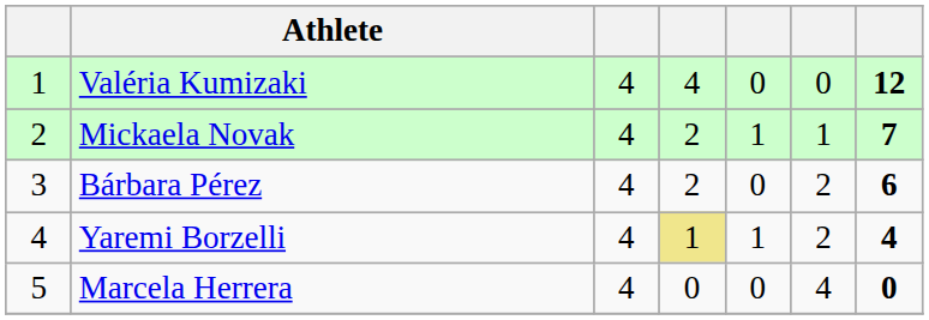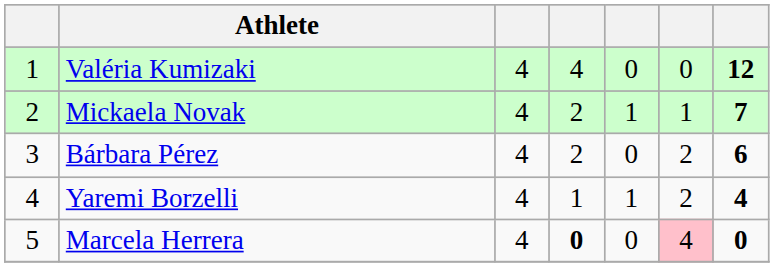 <table class="wikitable" style="text-align: center; font-size:100% ">
 <tr>
 <th width=25></th>
 <th width=250>Athlete</th>
 <th width=25></th>
 <th width=25></th>
 <th width=25></th>
 <th width=25></th>
 <th width=25></th>
 </tr>
 <tr bgcolor="ccffcc">
 <td>1</td>
 <td align=left> <a href='#'>Valéria Kumizaki</a></td>
 <td>4</td>
 <td>4</td>
 <td>0</td>
 <td>0</td>
 <td><strong>12</strong></td>
 </tr>
 <tr bgcolor="ccffcc">
 <td>2</td>
 <td align=left> <a href='#'>Mickaela Novak</a></td>
 <td>4</td>
 <td>2</td>
 <td>1</td>
 <td>1</td>
 <td><strong>7</strong></td>
 </tr>
 <tr>
 <td>3</td>
 <td align=left> <a href='#'>Bárbara Pérez</a></td>
 <td>4</td>
 <td>2</td>
 <td>0</td>
 <td>2</td>
 <td><strong>6</strong></td>
 </tr>
 <tr>
 <td>4</td>
 <td align=left> <a href='#'>Yaremi Borzelli</a></td>
 <td>4</td>
-<td style="background: khaki;">1</td>
+<td>1</td>
 <td>1</td>
 <td>2</td>
 <td><strong>4</strong></td>
 </tr>
 <tr>
 <td>5</td>
 <td align=left> <a href='#'>Marcela Herrera</a></td>
 <td>4</td>
+<td><strong>0</strong></td>
 <td>0</td>
-<td>0</td>
-<td>4</td>
+<td style="background: pink;">4</td>
 <td><strong>0</strong></td>
 </tr>
 <tr>
 </tr>
 </table>
